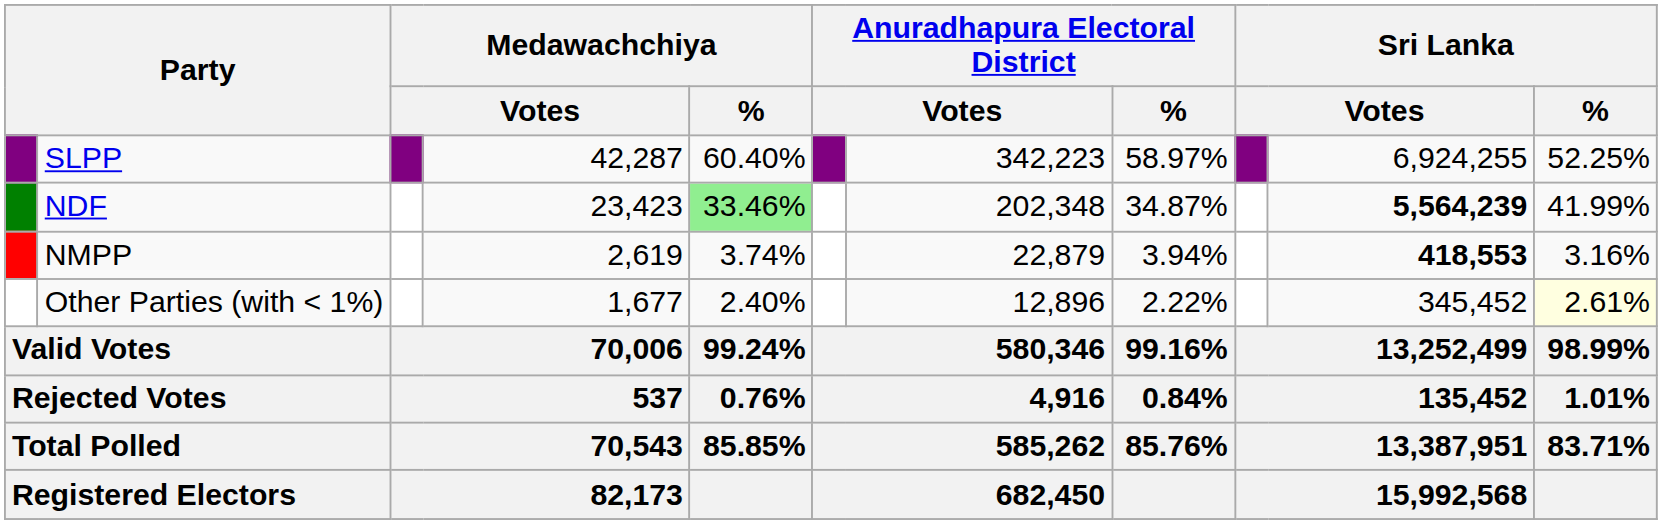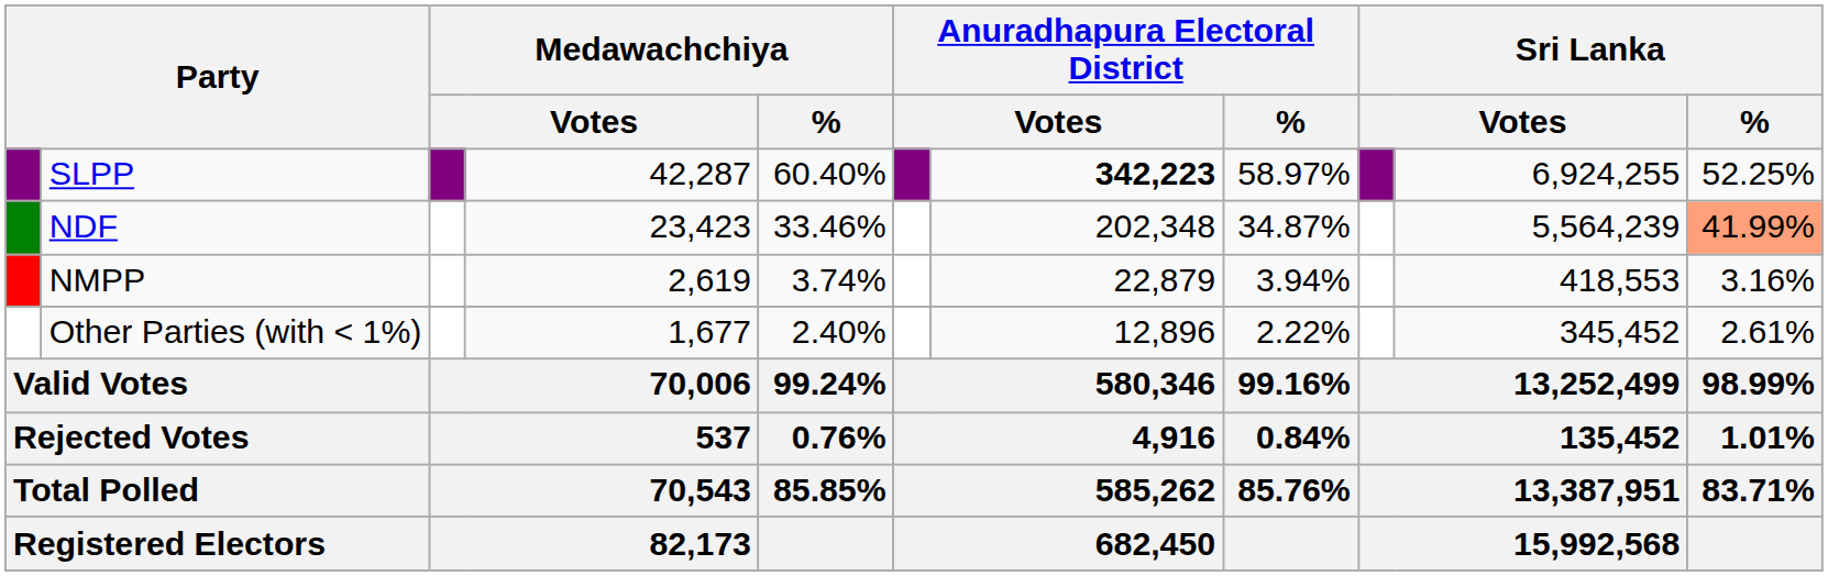 <table class="wikitable">
 <tr>
 <th colspan="2" width="144px"rowspan="2">Party</th>
 <th colspan="3" width="216px">Medawachchiya</th>
 <th colspan="3" width="216px"><a href='#'>Anuradhapura Electoral District</a></th>
 <th colspan="3" width="216px">Sri Lanka</th>
 </tr>
 <tr>
 <th colspan="2" width="144px">Votes</th>
 <th>%</th>
 <th colspan="2" width="144px">Votes</th>
 <th>%</th>
 <th colspan="2" width="144px">Votes</th>
 <th>%</th>
 </tr>
 <tr>
 <td style="background-color:purple;" width="10px"></td>
 <td style="text-align:left;"><a href='#'>SLPP</a></td>
 <td style="background-color:purple;" width="10px"></td>
 <td style="text-align:right;">42,287</td>
 <td style="text-align:right;">60.40%</td>
 <td style="background-color:purple;" width="10px"></td>
-<td style="text-align:right;">342,223</td>
+<td style="text-align:right;"><strong>342,223</strong></td>
 <td style="text-align:right;">58.97%</td>
 <td style="background-color:purple;" width="10px"></td>
 <td style="text-align:right;">6,924,255</td>
 <td style="text-align:right;">52.25%</td>
 </tr>
 <tr>
 <td style="background-color:green;" width="10px"></td>
 <td style="text-align:left;"><a href='#'>NDF</a></td>
 <td style="background-color:white;" width="10px"></td>
 <td style="text-align:right;">23,423</td>
-<td style="background: lightgreen; text-align:right;">33.46%</td>
+<td style="text-align:right;">33.46%</td>
 <td style="background-color:white;" width="10px"></td>
 <td style="text-align:right;">202,348</td>
 <td style="text-align:right;">34.87%</td>
 <td style="background-color:white;" width="10px"></td>
-<td style="text-align:right;"><strong>5,564,239</strong></td>
-<td style="text-align:right;">41.99%</td>
+<td style="text-align:right;">5,564,239</td>
+<td style="background: lightsalmon; text-align:right;">41.99%</td>
 </tr>
 <tr>
 <td style="background-color:red;" width="10px"></td>
 <td style="text-align:left;">NMPP</td>
 <td style="background-color:white;" width="10px"></td>
 <td style="text-align:right;">2,619</td>
 <td style="text-align:right;">3.74%</td>
 <td style="background-color:white;" width="10px"></td>
 <td style="text-align:right;">22,879</td>
 <td style="text-align:right;">3.94%</td>
 <td style="background-color:white;" width="10px"></td>
-<td style="text-align:right;"><strong>418,553</strong></td>
+<td style="text-align:right;">418,553</td>
 <td style="text-align:right;">3.16%</td>
 </tr>
 <tr>
 <td style="background-color:white;" width="10px"></td>
 <td style="text-align:left;">Other Parties (with < 1%)</td>
 <td style="background-color:white;" width="10px"></td>
 <td style="text-align:right;">1,677</td>
 <td style="text-align:right;">2.40%</td>
 <td style="background-color:white;" width="10px"></td>
 <td style="text-align:right;">12,896</td>
 <td style="text-align:right;">2.22%</td>
 <td style="background-color:white;" width="10px"></td>
 <td style="text-align:right;">345,452</td>
-<td style="background: lightyellow; text-align:right;">2.61%</td>
+<td style="text-align:right;">2.61%</td>
 </tr>
 <tr>
 <th colspan="2" width="144px"style="text-align:left;">Valid Votes</th>
 <th style="text-align:right;"colspan="2" width="144px">70,006</th>
 <th style="text-align:right;">99.24%</th>
 <th style="text-align:right;"colspan="2" width="144px">580,346</th>
 <th style="text-align:right;">99.16%</th>
 <th style="text-align:right;"colspan="2" width="144px">13,252,499</th>
 <th style="text-align:right;">98.99%</th>
 </tr>
 <tr>
 <th colspan="2" width="144px"style="text-align:left;">Rejected Votes</th>
 <th style="text-align:right;"colspan="2" width="144px">537</th>
 <th style="text-align:right;">0.76%</th>
 <th style="text-align:right;"colspan="2" width="144px">4,916</th>
 <th style="text-align:right;">0.84%</th>
 <th style="text-align:right;"colspan="2" width="144px">135,452</th>
 <th style="text-align:right;">1.01%</th>
 </tr>
 <tr>
 <th colspan="2" width="144px"style="text-align:left;">Total Polled</th>
 <th style="text-align:right;"colspan="2" width="144px">70,543</th>
 <th style="text-align:right;">85.85%</th>
 <th style="text-align:right;"colspan="2" width="144px">585,262</th>
 <th style="text-align:right;">85.76%</th>
 <th style="text-align:right;"colspan="2" width="144px">13,387,951</th>
 <th style="text-align:right;">83.71%</th>
 </tr>
 <tr>
 <th colspan="2" width="144px"style="text-align:left;">Registered Electors</th>
 <th style="text-align:right;"colspan="2" width="144px">82,173</th>
 <th></th>
 <th style="text-align:right;"colspan="2" width="144px">682,450</th>
 <th></th>
 <th style="text-align:right;"colspan="2" width="144px">15,992,568</th>
 <th></th>
 </tr>
 </table>
